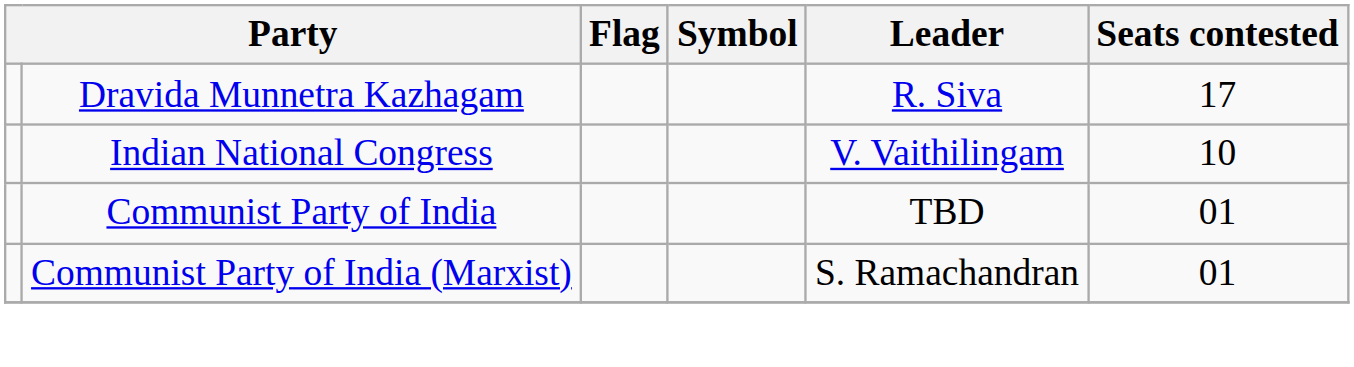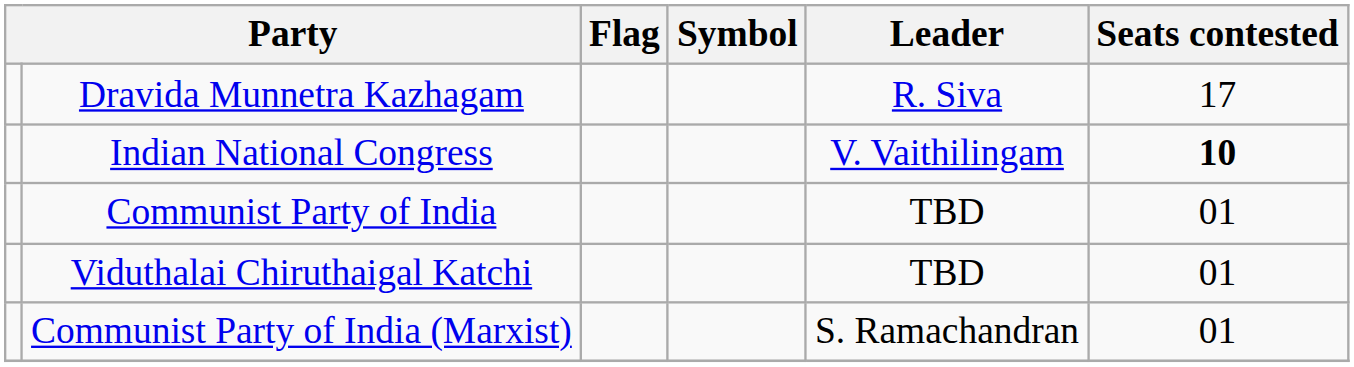 <table class="wikitable " style="text-align:center;">
 <tr>
 <th colspan="2">Party</th>
 <th>Flag</th>
 <th>Symbol</th>
 <th>Leader</th>
 <th>Seats contested</th>
 </tr>
 <tr>
 <td></td>
 <td><a href='#'>Dravida Munnetra Kazhagam</a></td>
 <td></td>
 <td></td>
 <td><a href='#'>R. Siva</a></td>
 <td>17</td>
 </tr>
 <tr>
 <td></td>
 <td><a href='#'>Indian National Congress</a></td>
 <td></td>
 <td></td>
 <td><a href='#'>V. Vaithilingam</a></td>
-<td>10</td>
+<td><strong>10</strong></td>
 </tr>
 <tr>
 <td></td>
 <td><a href='#'>Communist Party of India</a></td>
+<td></td>
+<td></td>
+<td>TBD</td>
+<td>01</td>
+</tr>
+<tr>
+<td></td>
+<td><a href='#'>Viduthalai Chiruthaigal Katchi</a></td>
 <td></td>
 <td></td>
 <td>TBD</td>
 <td>01</td>
 </tr>
 <tr>
 <td></td>
 <td><a href='#'>Communist Party of India (Marxist)</a></td>
 <td></td>
 <td></td>
 <td>S. Ramachandran</td>
 <td>01</td>
 </tr>
 <tr>
 </tr>
 </table>
